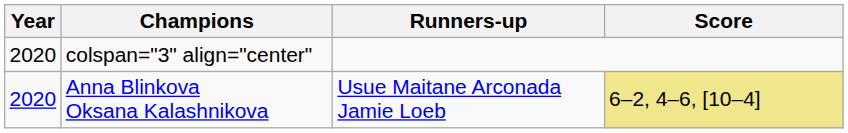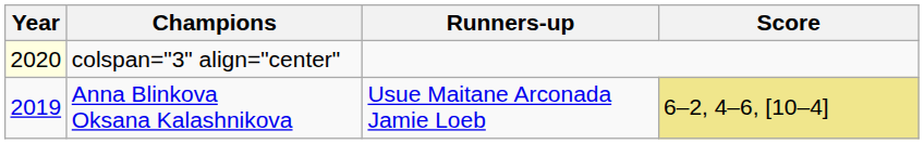 <table class="wikitable">
 <tr>
 <th>Year</th>
 <th width="200">Champions</th>
 <th width="200">Runners-up</th>
 <th width="175">Score</th>
 </tr>
 <tr>
-<td>2020</td>
+<td style="background: lightyellow;">2020</td>
 <td>colspan="3" align="center" </td>
 </tr>
 <tr>
-<td><a href='#'>2020</a></td>
+<td><a href='#'>2019</a></td>
 <td> <a href='#'>Anna Blinkova</a> <br>  <a href='#'>Oksana Kalashnikova</a></td>
 <td> <a href='#'>Usue Maitane Arconada</a> <br>  <a href='#'>Jamie Loeb</a></td>
 <td style="background: khaki;">6–2, 4–6, [10–4]</td>
 </tr>
 </table>
